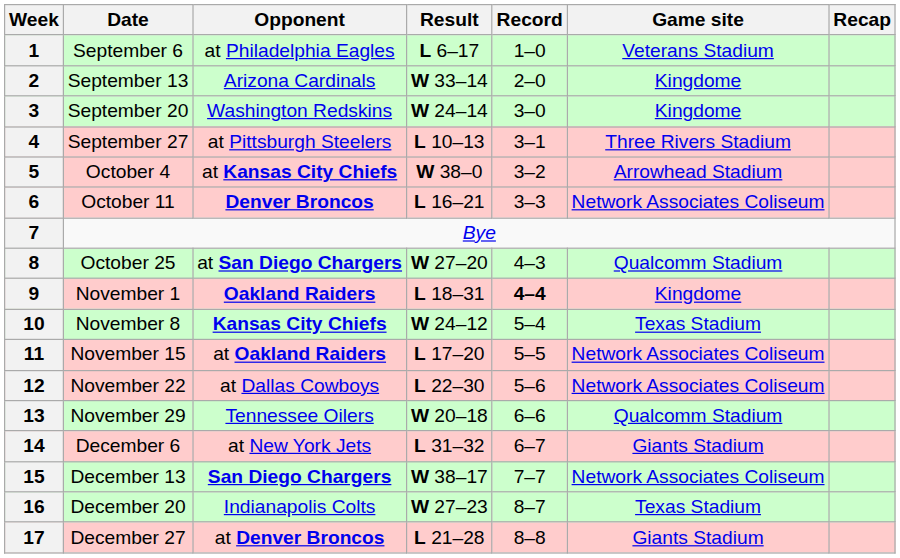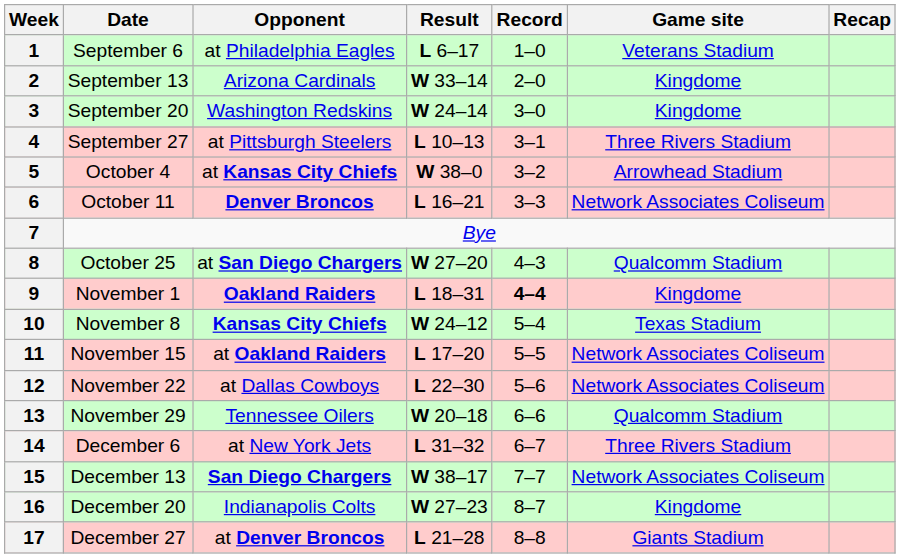 <table class="wikitable" style="text-align:center">
 <tr>
 <th>Week</th>
 <th>Date</th>
 <th>Opponent</th>
 <th>Result</th>
 <th>Record</th>
 <th>Game site</th>
 <th>Recap</th>
 </tr>
 <tr style="background:#cfc">
 <th>1</th>
 <td>September 6</td>
 <td>at <a href='#'>Philadelphia Eagles</a></td>
 <td><strong>L</strong> 6–17</td>
 <td>1–0</td>
 <td><a href='#'>Veterans Stadium</a></td>
 <td></td>
 </tr>
 <tr style="background:#cfc">
 <th>2</th>
 <td>September 13</td>
 <td><a href='#'>Arizona Cardinals</a></td>
 <td><strong>W</strong> 33–14</td>
 <td>2–0</td>
 <td><a href='#'>Kingdome</a></td>
 <td></td>
 </tr>
 <tr style="background:#cfc">
 <th>3</th>
 <td>September 20</td>
 <td><a href='#'>Washington Redskins</a></td>
 <td><strong>W</strong> 24–14</td>
 <td>3–0</td>
 <td><a href='#'>Kingdome</a></td>
 <td></td>
 </tr>
 <tr style="background:#fcc">
 <th>4</th>
 <td>September 27</td>
 <td>at <a href='#'>Pittsburgh Steelers</a></td>
 <td><strong>L</strong> 10–13</td>
 <td>3–1</td>
 <td><a href='#'>Three Rivers Stadium</a></td>
 <td></td>
 </tr>
 <tr style="background:#fcc">
 <th>5</th>
 <td>October 4</td>
 <td>at <strong><a href='#'>Kansas City Chiefs</a></strong></td>
 <td><strong>W</strong> 38–0</td>
 <td>3–2</td>
 <td><a href='#'>Arrowhead Stadium</a></td>
 <td></td>
 </tr>
 <tr style="background:#fcc">
 <th>6</th>
 <td>October 11</td>
 <td><strong><a href='#'>Denver Broncos</a></strong></td>
 <td><strong>L</strong> 16–21</td>
 <td>3–3</td>
 <td><a href='#'>Network Associates Coliseum</a></td>
 <td></td>
 </tr>
 <tr>
 <th>7</th>
 <td colspan="6"><em><a href='#'>Bye</a></em></td>
 </tr>
 <tr style="background:#cfc">
 <th>8</th>
 <td>October 25</td>
 <td>at <strong><a href='#'>San Diego Chargers</a></strong></td>
 <td><strong>W</strong> 27–20</td>
 <td>4–3</td>
 <td><a href='#'>Qualcomm Stadium</a></td>
 <td></td>
 </tr>
 <tr style="background:#fcc">
 <th>9</th>
 <td>November 1</td>
 <td><strong><a href='#'>Oakland Raiders</a></strong></td>
 <td><strong>L</strong> 18–31</td>
 <td><strong>4–4</strong></td>
 <td><a href='#'>Kingdome</a></td>
 <td></td>
 </tr>
 <tr style="background:#cfc">
 <th>10</th>
 <td>November 8</td>
 <td><strong><a href='#'>Kansas City Chiefs</a></strong></td>
 <td><strong>W</strong> 24–12</td>
 <td>5–4</td>
 <td><a href='#'>Texas Stadium</a></td>
 <td></td>
 </tr>
 <tr style="background:#fcc">
 <th>11</th>
 <td>November 15</td>
 <td>at <strong><a href='#'>Oakland Raiders</a></strong></td>
 <td><strong>L</strong> 17–20</td>
 <td>5–5</td>
 <td><a href='#'>Network Associates Coliseum</a></td>
 <td></td>
 </tr>
 <tr style="background:#fcc">
 <th>12</th>
 <td>November 22</td>
 <td>at <a href='#'>Dallas Cowboys</a></td>
 <td><strong>L</strong> 22–30</td>
 <td>5–6</td>
 <td><a href='#'>Network Associates Coliseum</a></td>
 <td></td>
 </tr>
 <tr style="background:#cfc">
 <th>13</th>
 <td>November 29</td>
 <td><a href='#'>Tennessee Oilers</a></td>
 <td><strong>W</strong> 20–18</td>
 <td>6–6</td>
 <td><a href='#'>Qualcomm Stadium</a></td>
 <td></td>
 </tr>
 <tr style="background:#fcc">
 <th>14</th>
 <td>December 6</td>
 <td>at <a href='#'>New York Jets</a></td>
 <td><strong>L</strong> 31–32</td>
 <td>6–7</td>
-<td><a href='#'>Giants Stadium</a></td>
+<td><a href='#'>Three Rivers Stadium</a></td>
 <td></td>
 </tr>
 <tr style="background:#cfc">
 <th>15</th>
 <td>December 13</td>
 <td><strong><a href='#'>San Diego Chargers</a></strong></td>
 <td><strong>W</strong> 38–17</td>
 <td>7–7</td>
 <td><a href='#'>Network Associates Coliseum</a></td>
 <td></td>
 </tr>
 <tr style="background:#cfc">
 <th>16</th>
 <td>December 20</td>
 <td><a href='#'>Indianapolis Colts</a></td>
 <td><strong>W</strong> 27–23</td>
 <td>8–7</td>
-<td><a href='#'>Texas Stadium</a></td>
+<td><a href='#'>Kingdome</a></td>
 <td></td>
 </tr>
 <tr style="background:#fcc">
 <th>17</th>
 <td>December 27</td>
 <td>at <strong><a href='#'>Denver Broncos</a></strong></td>
 <td><strong>L</strong> 21–28</td>
 <td>8–8</td>
 <td><a href='#'>Giants Stadium</a></td>
 <td></td>
 </tr>
 </table>
